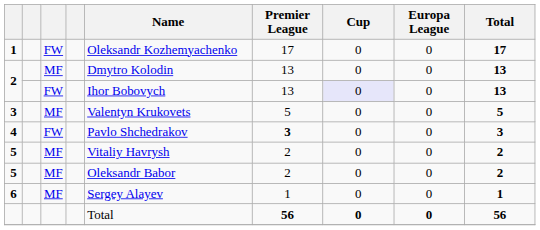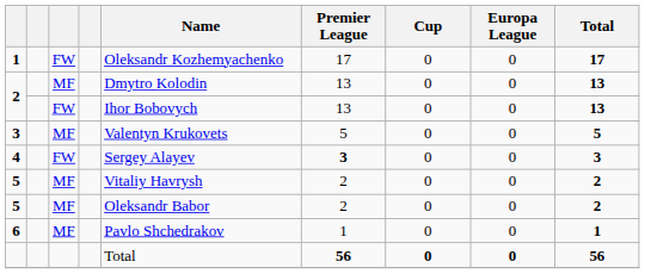 <table class="wikitable" style="text-align:center">
 <tr>
 <th width=15></th>
 <th width=15></th>
 <th width=15></th>
 <th width=15></th>
 <th width=200>Name</th>
 <th width=80><strong>Premier League</strong></th>
 <th width=80><strong>Cup</strong></th>
 <th width=80><strong>Europa League</strong></th>
 <th width=80>Total</th>
 </tr>
 <tr>
 <td><strong>1</strong></td>
 <td></td>
 <td><a href='#'>FW</a></td>
 <td></td>
 <td align=left><a href='#'>Oleksandr Kozhemyachenko</a></td>
 <td>17</td>
 <td>0</td>
 <td>0</td>
 <td><strong>17</strong></td>
 </tr>
 <tr>
 <td rowspan=2><strong>2</strong></td>
 <td></td>
 <td><a href='#'>MF</a></td>
 <td></td>
 <td align=left><a href='#'>Dmytro Kolodin</a></td>
 <td>13</td>
 <td>0</td>
 <td>0</td>
 <td><strong>13</strong></td>
 </tr>
 <tr>
 <td></td>
 <td><a href='#'>FW</a></td>
 <td></td>
 <td align=left><a href='#'>Ihor Bobovych</a></td>
 <td>13</td>
-<td style="background: lavender;">0</td>
+<td>0</td>
 <td>0</td>
 <td><strong>13</strong></td>
 </tr>
 <tr>
 <td><strong>3</strong></td>
 <td></td>
 <td><a href='#'>MF</a></td>
 <td></td>
 <td align=left><a href='#'>Valentyn Krukovets</a></td>
 <td>5</td>
 <td>0</td>
 <td>0</td>
 <td><strong>5</strong></td>
 </tr>
 <tr>
 <td><strong>4</strong></td>
 <td></td>
 <td><a href='#'>FW</a></td>
 <td></td>
-<td align=left><a href='#'>Pavlo Shchedrakov</a></td>
+<td align=left><a href='#'>Sergey Alayev</a></td>
 <td><strong>3</strong></td>
 <td>0</td>
 <td>0</td>
 <td><strong>3</strong></td>
 </tr>
 <tr>
 <td><strong>5</strong></td>
 <td></td>
 <td><a href='#'>MF</a></td>
 <td></td>
 <td align=left><a href='#'>Vitaliy Havrysh</a></td>
 <td>2</td>
 <td>0</td>
 <td>0</td>
 <td><strong>2</strong></td>
 </tr>
 <tr>
 <td><strong>5</strong></td>
 <td></td>
 <td><a href='#'>MF</a></td>
 <td></td>
 <td align=left><a href='#'>Oleksandr Babor</a></td>
 <td>2</td>
 <td>0</td>
 <td>0</td>
 <td><strong>2</strong></td>
 </tr>
 <tr>
 <td><strong>6</strong></td>
 <td></td>
 <td><a href='#'>MF</a></td>
 <td></td>
-<td align=left><a href='#'>Sergey Alayev</a></td>
+<td align=left><a href='#'>Pavlo Shchedrakov</a></td>
 <td>1</td>
 <td>0</td>
 <td>0</td>
 <td><strong>1</strong></td>
 </tr>
 <tr>
 <td></td>
 <td></td>
 <td></td>
 <td></td>
 <td align=left>Total</td>
 <td><strong>56</strong></td>
 <td><strong>0</strong></td>
 <td><strong>0</strong></td>
 <td><strong>56</strong></td>
 </tr>
 <tr>
 </tr>
 </table>
